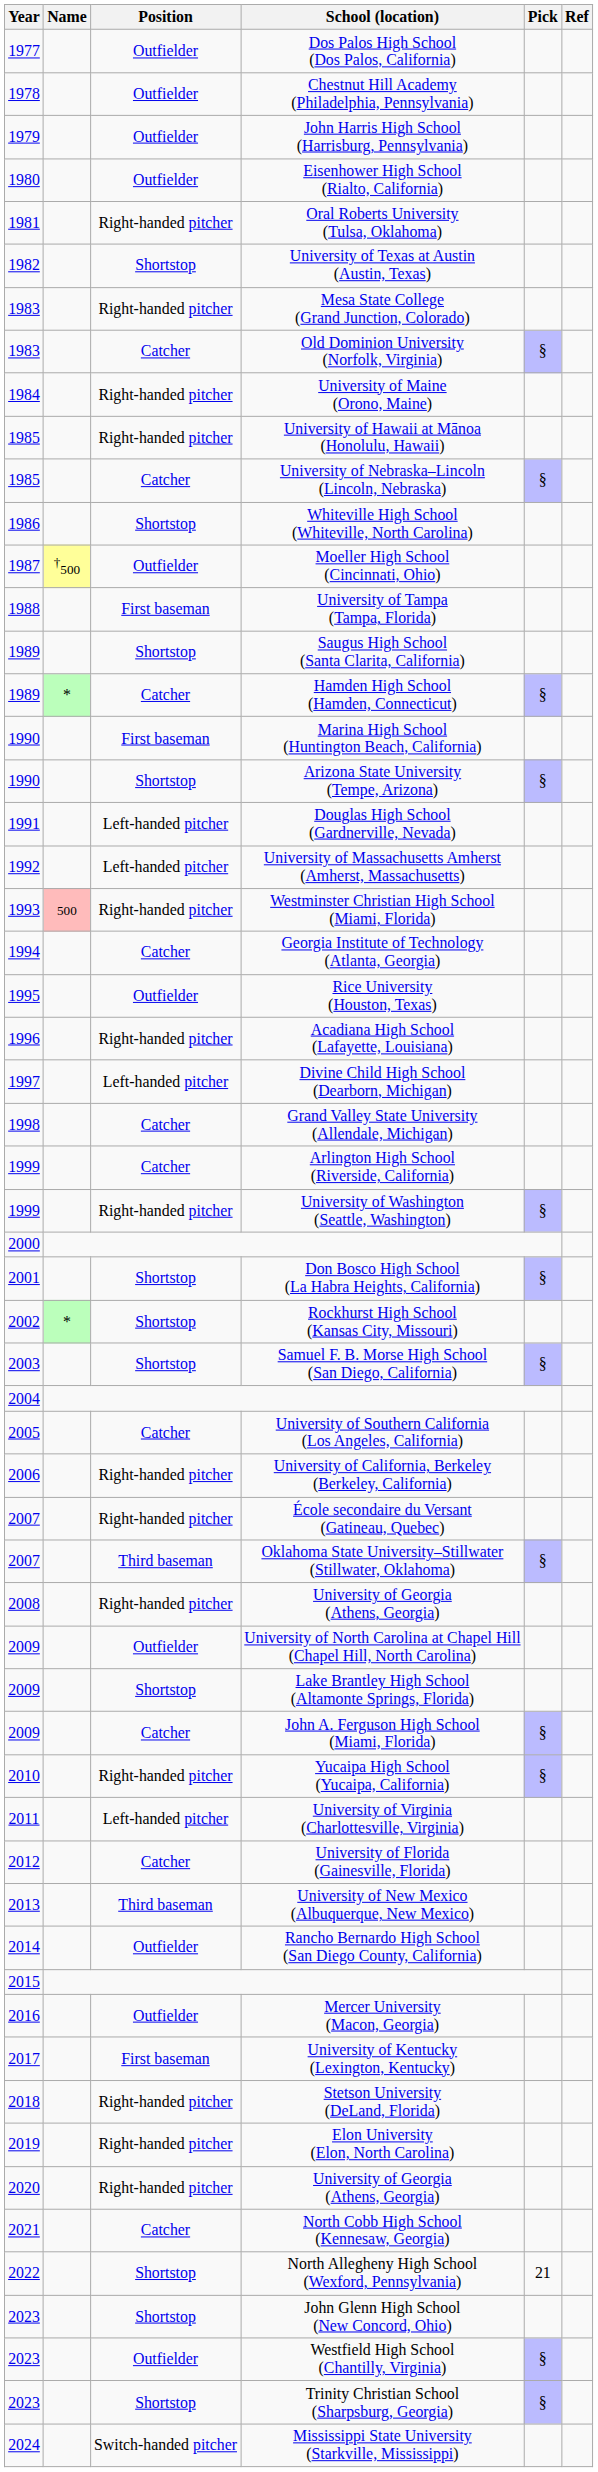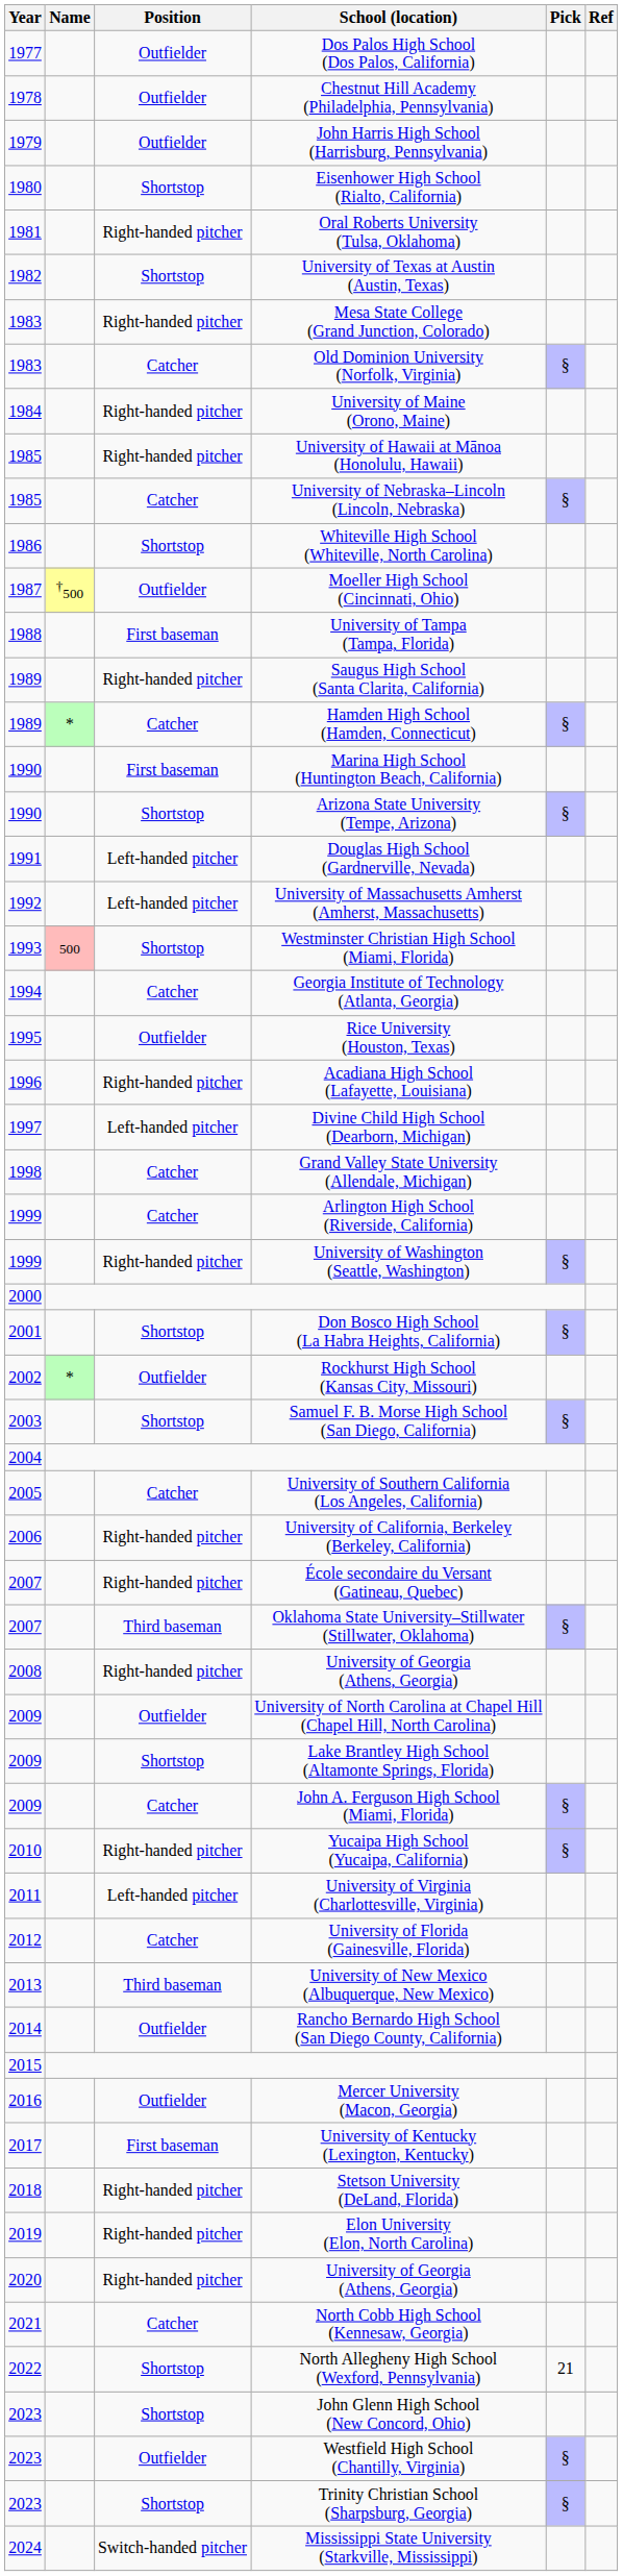 <table class="wikitable sortable" style="text-align:center;">
 <tr>
 <th>Year</th>
 <th>Name</th>
 <th>Position</th>
 <th class="unsortable">School (location)</th>
 <th>Pick</th>
 <th class="unsortable">Ref</th>
 </tr>
 <tr>
 <td><a href='#'>1977</a></td>
 <td></td>
 <td><a href='#'>Outfielder</a></td>
 <td><a href='#'>Dos Palos High School</a><br>(<a href='#'>Dos Palos, California</a>)</td>
 <td></td>
 <td></td>
 </tr>
 <tr>
 <td><a href='#'>1978</a></td>
 <td></td>
 <td><a href='#'>Outfielder</a></td>
 <td><a href='#'>Chestnut Hill Academy</a><br>(<a href='#'>Philadelphia, Pennsylvania</a>)</td>
 <td></td>
 <td></td>
 </tr>
 <tr>
 <td><a href='#'>1979</a></td>
 <td></td>
 <td><a href='#'>Outfielder</a></td>
 <td><a href='#'>John Harris High School</a><br>(<a href='#'>Harrisburg, Pennsylvania</a>)</td>
 <td></td>
 <td></td>
 </tr>
 <tr>
 <td><a href='#'>1980</a></td>
 <td></td>
-<td><a href='#'>Outfielder</a></td>
+<td><a href='#'>Shortstop</a></td>
 <td><a href='#'>Eisenhower High School</a><br>(<a href='#'>Rialto, California</a>)</td>
 <td></td>
 <td></td>
 </tr>
 <tr>
 <td><a href='#'>1981</a></td>
 <td></td>
 <td>Right-handed <a href='#'>pitcher</a></td>
 <td><a href='#'>Oral Roberts University</a><br>(<a href='#'>Tulsa, Oklahoma</a>)</td>
 <td></td>
 <td></td>
 </tr>
 <tr>
 <td><a href='#'>1982</a></td>
 <td></td>
 <td><a href='#'>Shortstop</a></td>
 <td><a href='#'>University of Texas at Austin</a><br>(<a href='#'>Austin, Texas</a>)</td>
 <td></td>
 <td></td>
 </tr>
 <tr>
 <td><a href='#'>1983</a></td>
 <td></td>
 <td>Right-handed <a href='#'>pitcher</a></td>
 <td><a href='#'>Mesa State College</a><br>(<a href='#'>Grand Junction, Colorado</a>)</td>
 <td></td>
 <td></td>
 </tr>
 <tr>
 <td><a href='#'>1983</a></td>
 <td></td>
 <td><a href='#'>Catcher</a></td>
 <td><a href='#'>Old Dominion University</a><br>(<a href='#'>Norfolk, Virginia</a>)</td>
 <td style="background:#bbf;">§</td>
 <td></td>
 </tr>
 <tr>
 <td><a href='#'>1984</a></td>
 <td></td>
 <td>Right-handed <a href='#'>pitcher</a></td>
 <td><a href='#'>University of Maine</a><br>(<a href='#'>Orono, Maine</a>)</td>
 <td></td>
 <td></td>
 </tr>
 <tr>
 <td><a href='#'>1985</a></td>
 <td></td>
 <td>Right-handed <a href='#'>pitcher</a></td>
 <td><a href='#'>University of Hawaii at Mānoa</a><br>(<a href='#'>Honolulu, Hawaii</a>)</td>
 <td></td>
 <td></td>
 </tr>
 <tr>
 <td><a href='#'>1985</a></td>
 <td></td>
 <td><a href='#'>Catcher</a></td>
 <td><a href='#'>University of Nebraska–Lincoln</a><br>(<a href='#'>Lincoln, Nebraska</a>)</td>
 <td style="background:#bbf;">§</td>
 <td></td>
 </tr>
 <tr>
 <td><a href='#'>1986</a></td>
 <td></td>
 <td><a href='#'>Shortstop</a></td>
 <td><a href='#'>Whiteville High School</a><br>(<a href='#'>Whiteville, North Carolina</a>)</td>
 <td></td>
 <td></td>
 </tr>
 <tr>
 <td><a href='#'>1987</a></td>
 <td style="background:#ff9;"><sup>†</sup><small>500</small></td>
 <td><a href='#'>Outfielder</a></td>
 <td><a href='#'>Moeller High School</a><br>(<a href='#'>Cincinnati, Ohio</a>)</td>
 <td></td>
 <td></td>
 </tr>
 <tr>
 <td><a href='#'>1988</a></td>
 <td></td>
 <td><a href='#'>First baseman</a></td>
 <td><a href='#'>University of Tampa</a><br>(<a href='#'>Tampa, Florida</a>)</td>
 <td></td>
 <td></td>
 </tr>
 <tr>
 <td><a href='#'>1989</a></td>
 <td></td>
-<td><a href='#'>Shortstop</a></td>
+<td>Right-handed <a href='#'>pitcher</a></td>
 <td><a href='#'>Saugus High School</a><br>(<a href='#'>Santa Clarita, California</a>)</td>
 <td></td>
 <td></td>
 </tr>
 <tr>
 <td><a href='#'>1989</a></td>
 <td style="background:#bfb;">*</td>
 <td><a href='#'>Catcher</a></td>
 <td><a href='#'>Hamden High School</a><br>(<a href='#'>Hamden, Connecticut</a>)</td>
 <td style="background:#bbf;">§</td>
 <td></td>
 </tr>
 <tr>
 <td><a href='#'>1990</a></td>
 <td></td>
 <td><a href='#'>First baseman</a></td>
 <td><a href='#'>Marina High School</a><br>(<a href='#'>Huntington Beach, California</a>)</td>
 <td></td>
 <td></td>
 </tr>
 <tr>
 <td><a href='#'>1990</a></td>
 <td></td>
 <td><a href='#'>Shortstop</a></td>
 <td><a href='#'>Arizona State University</a><br>(<a href='#'>Tempe, Arizona</a>)</td>
 <td style="background:#bbf;">§</td>
 <td></td>
 </tr>
 <tr>
 <td><a href='#'>1991</a></td>
 <td></td>
 <td>Left-handed <a href='#'>pitcher</a></td>
 <td><a href='#'>Douglas High School</a><br>(<a href='#'>Gardnerville, Nevada</a>)</td>
 <td></td>
 <td></td>
 </tr>
 <tr>
 <td><a href='#'>1992</a></td>
 <td></td>
 <td>Left-handed <a href='#'>pitcher</a></td>
 <td><a href='#'>University of Massachusetts Amherst</a><br>(<a href='#'>Amherst, Massachusetts</a>)</td>
 <td></td>
 <td></td>
 </tr>
 <tr>
 <td><a href='#'>1993</a></td>
 <td style="background:#fbb;"> <small>500</small></td>
-<td>Right-handed <a href='#'>pitcher</a></td>
+<td><a href='#'>Shortstop</a></td>
 <td><a href='#'>Westminster Christian High School</a><br>(<a href='#'>Miami, Florida</a>)</td>
 <td></td>
 <td></td>
 </tr>
 <tr>
 <td><a href='#'>1994</a></td>
 <td></td>
 <td><a href='#'>Catcher</a></td>
 <td><a href='#'>Georgia Institute of Technology</a><br>(<a href='#'>Atlanta, Georgia</a>)</td>
 <td></td>
 <td></td>
 </tr>
 <tr>
 <td><a href='#'>1995</a></td>
 <td></td>
 <td><a href='#'>Outfielder</a></td>
 <td><a href='#'>Rice University</a><br>(<a href='#'>Houston, Texas</a>)</td>
 <td></td>
 <td></td>
 </tr>
 <tr>
 <td><a href='#'>1996</a></td>
 <td></td>
 <td>Right-handed <a href='#'>pitcher</a></td>
 <td><a href='#'>Acadiana High School</a><br>(<a href='#'>Lafayette, Louisiana</a>)</td>
 <td></td>
 <td></td>
 </tr>
 <tr>
 <td><a href='#'>1997</a></td>
 <td></td>
 <td>Left-handed <a href='#'>pitcher</a></td>
 <td><a href='#'>Divine Child High School</a><br>(<a href='#'>Dearborn, Michigan</a>)</td>
 <td></td>
 <td></td>
 </tr>
 <tr>
 <td><a href='#'>1998</a></td>
 <td></td>
 <td><a href='#'>Catcher</a></td>
 <td><a href='#'>Grand Valley State University</a><br>(<a href='#'>Allendale, Michigan</a>)</td>
 <td></td>
 <td></td>
 </tr>
 <tr>
 <td><a href='#'>1999</a></td>
 <td></td>
 <td><a href='#'>Catcher</a></td>
 <td><a href='#'>Arlington High School</a><br>(<a href='#'>Riverside, California</a>)</td>
 <td></td>
 <td></td>
 </tr>
 <tr>
 <td><a href='#'>1999</a></td>
 <td></td>
 <td>Right-handed <a href='#'>pitcher</a></td>
 <td><a href='#'>University of Washington</a><br>(<a href='#'>Seattle, Washington</a>)</td>
 <td style="background:#bbf;">§</td>
 <td></td>
 </tr>
 <tr>
 <td><a href='#'>2000</a></td>
 <td colspan="4"></td>
 <td></td>
 </tr>
 <tr>
 <td><a href='#'>2001</a></td>
 <td></td>
 <td><a href='#'>Shortstop</a></td>
 <td><a href='#'>Don Bosco High School</a><br>(<a href='#'>La Habra Heights, California</a>)</td>
 <td style="background:#bbf;">§</td>
 <td></td>
 </tr>
 <tr>
 <td><a href='#'>2002</a></td>
 <td style="background:#bfb;">*</td>
-<td><a href='#'>Shortstop</a></td>
+<td><a href='#'>Outfielder</a></td>
 <td><a href='#'>Rockhurst High School</a><br>(<a href='#'>Kansas City, Missouri</a>)</td>
 <td></td>
 <td></td>
 </tr>
 <tr>
 <td><a href='#'>2003</a></td>
 <td></td>
 <td><a href='#'>Shortstop</a></td>
 <td><a href='#'>Samuel F. B. Morse High School</a><br>(<a href='#'>San Diego, California</a>)</td>
 <td style="background:#bbf;">§</td>
 <td></td>
 </tr>
 <tr>
 <td><a href='#'>2004</a></td>
 <td colspan="4"></td>
 <td></td>
 </tr>
 <tr>
 <td><a href='#'>2005</a></td>
 <td></td>
 <td><a href='#'>Catcher</a></td>
 <td><a href='#'>University of Southern California</a><br>(<a href='#'>Los Angeles, California</a>)</td>
 <td></td>
 <td></td>
 </tr>
 <tr>
 <td><a href='#'>2006</a></td>
 <td></td>
 <td>Right-handed <a href='#'>pitcher</a></td>
 <td><a href='#'>University of California, Berkeley</a><br>(<a href='#'>Berkeley, California</a>)</td>
 <td></td>
 <td></td>
 </tr>
 <tr>
 <td><a href='#'>2007</a></td>
 <td></td>
 <td>Right-handed <a href='#'>pitcher</a></td>
 <td><a href='#'>École secondaire du Versant</a><br>(<a href='#'>Gatineau, Quebec</a>)</td>
 <td></td>
 <td></td>
 </tr>
 <tr>
 <td><a href='#'>2007</a></td>
 <td></td>
 <td><a href='#'>Third baseman</a></td>
 <td><a href='#'>Oklahoma State University–Stillwater</a><br>(<a href='#'>Stillwater, Oklahoma</a>)</td>
 <td style="background:#bbf;">§</td>
 <td></td>
 </tr>
 <tr>
 <td><a href='#'>2008</a></td>
 <td></td>
 <td>Right-handed <a href='#'>pitcher</a></td>
 <td><a href='#'>University of Georgia</a><br>(<a href='#'>Athens, Georgia</a>)</td>
 <td></td>
 <td></td>
 </tr>
 <tr>
 <td><a href='#'>2009</a></td>
 <td></td>
 <td><a href='#'>Outfielder</a></td>
 <td><a href='#'>University of North Carolina at Chapel Hill</a><br>(<a href='#'>Chapel Hill, North Carolina</a>)</td>
 <td></td>
 <td></td>
 </tr>
 <tr>
 <td><a href='#'>2009</a></td>
 <td></td>
 <td><a href='#'>Shortstop</a></td>
 <td><a href='#'>Lake Brantley High School</a><br>(<a href='#'>Altamonte Springs, Florida</a>)</td>
 <td></td>
 <td></td>
 </tr>
 <tr>
 <td><a href='#'>2009</a></td>
 <td></td>
 <td><a href='#'>Catcher</a></td>
 <td><a href='#'>John A. Ferguson High School</a><br>(<a href='#'>Miami, Florida</a>)</td>
 <td style="background:#bbf;">§</td>
 <td></td>
 </tr>
 <tr>
 <td><a href='#'>2010</a></td>
 <td></td>
 <td>Right-handed <a href='#'>pitcher</a></td>
 <td><a href='#'>Yucaipa High School</a><br>(<a href='#'>Yucaipa, California</a>)</td>
 <td style="background:#bbf;">§</td>
 <td></td>
 </tr>
 <tr>
 <td><a href='#'>2011</a></td>
 <td></td>
 <td>Left-handed <a href='#'>pitcher</a></td>
 <td><a href='#'>University of Virginia</a><br>(<a href='#'>Charlottesville, Virginia</a>)</td>
 <td></td>
 <td></td>
 </tr>
 <tr>
 <td><a href='#'>2012</a></td>
 <td></td>
 <td><a href='#'>Catcher</a></td>
 <td><a href='#'>University of Florida</a><br>(<a href='#'>Gainesville, Florida</a>)</td>
 <td></td>
 <td></td>
 </tr>
 <tr>
 <td><a href='#'>2013</a></td>
 <td></td>
 <td><a href='#'>Third baseman</a></td>
 <td><a href='#'>University of New Mexico</a><br>(<a href='#'>Albuquerque, New Mexico</a>)</td>
 <td></td>
 <td></td>
 </tr>
 <tr>
 <td><a href='#'>2014</a></td>
 <td></td>
 <td><a href='#'>Outfielder</a></td>
 <td><a href='#'>Rancho Bernardo High School</a><br>(<a href='#'>San Diego County, California</a>)</td>
 <td></td>
 <td></td>
 </tr>
 <tr>
 <td><a href='#'>2015</a></td>
 <td colspan="4"></td>
 <td></td>
 </tr>
 <tr>
 <td><a href='#'>2016</a></td>
 <td></td>
 <td><a href='#'>Outfielder</a></td>
 <td><a href='#'>Mercer University</a><br>(<a href='#'>Macon, Georgia</a>)</td>
 <td></td>
 <td></td>
 </tr>
 <tr>
 <td><a href='#'>2017</a></td>
 <td></td>
 <td><a href='#'>First baseman</a></td>
 <td><a href='#'>University of Kentucky</a><br>(<a href='#'>Lexington, Kentucky</a>)</td>
 <td></td>
 <td></td>
 </tr>
 <tr>
 <td><a href='#'>2018</a></td>
 <td></td>
 <td>Right-handed <a href='#'>pitcher</a></td>
 <td><a href='#'>Stetson University</a><br>(<a href='#'>DeLand, Florida</a>)</td>
 <td></td>
 <td></td>
 </tr>
 <tr>
 <td><a href='#'>2019</a></td>
 <td></td>
 <td>Right-handed <a href='#'>pitcher</a></td>
 <td><a href='#'>Elon University</a><br>(<a href='#'>Elon, North Carolina</a>)</td>
 <td></td>
 <td></td>
 </tr>
 <tr>
 <td><a href='#'>2020</a></td>
 <td></td>
 <td>Right-handed <a href='#'>pitcher</a></td>
 <td><a href='#'>University of Georgia</a><br>(<a href='#'>Athens, Georgia</a>)</td>
 <td></td>
 <td></td>
 </tr>
 <tr>
 <td><a href='#'>2021</a></td>
 <td></td>
 <td><a href='#'>Catcher</a></td>
 <td><a href='#'>North Cobb High School</a><br>(<a href='#'>Kennesaw, Georgia</a>)</td>
 <td></td>
 <td></td>
 </tr>
 <tr>
 <td><a href='#'>2022</a></td>
 <td></td>
 <td><a href='#'>Shortstop</a></td>
 <td>North Allegheny High School<br>(<a href='#'>Wexford, Pennsylvania</a>)</td>
 <td>21</td>
 <td></td>
 </tr>
 <tr>
 <td><a href='#'>2023</a></td>
 <td></td>
 <td><a href='#'>Shortstop</a></td>
 <td>John Glenn High School<br>(<a href='#'>New Concord, Ohio</a>)</td>
 <td></td>
 <td></td>
 </tr>
 <tr>
 <td><a href='#'>2023</a></td>
 <td></td>
 <td><a href='#'>Outfielder</a></td>
 <td>Westfield High School<br>(<a href='#'>Chantilly, Virginia</a>)</td>
 <td style="background:#bbf;">§</td>
 <td></td>
 </tr>
 <tr>
 <td><a href='#'>2023</a></td>
 <td></td>
 <td><a href='#'>Shortstop</a></td>
 <td>Trinity Christian School<br>(<a href='#'>Sharpsburg, Georgia</a>)</td>
 <td style="background:#bbf;">§</td>
 <td></td>
 </tr>
 <tr>
 <td><a href='#'>2024</a></td>
 <td></td>
 <td>Switch-handed <a href='#'>pitcher</a></td>
 <td><a href='#'>Mississippi State University</a><br>(<a href='#'>Starkville, Mississippi</a>)</td>
 <td></td>
 <td></td>
 </tr>
 </table>
